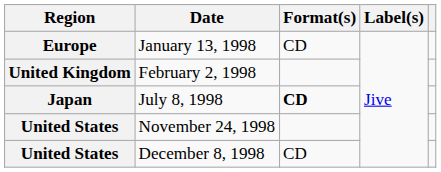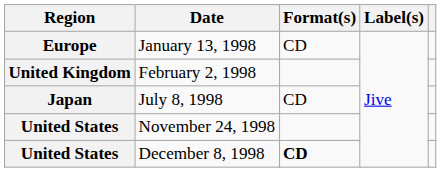 <table class="wikitable plainrowheaders">
 <tr>
 <th scope="col">Region</th>
 <th scope="col">Date</th>
 <th scope="col">Format(s)</th>
 <th scope="col">Label(s)</th>
 <th scope="col"></th>
 </tr>
 <tr>
 <th scope="row">Europe</th>
 <td>January 13, 1998</td>
 <td>CD</td>
 <td rowspan="5"><a href='#'>Jive</a></td>
 <td></td>
 </tr>
 <tr>
 <th scope="row">United Kingdom</th>
 <td>February 2, 1998</td>
 <td></td>
 <td></td>
 </tr>
 <tr>
 <th scope="row">Japan</th>
 <td>July 8, 1998</td>
-<td><strong>CD</strong></td>
+<td>CD</td>
 <td></td>
 </tr>
 <tr>
 <th scope="row">United States</th>
 <td>November 24, 1998</td>
 <td></td>
 <td></td>
 </tr>
 <tr>
 <th scope="row">United States</th>
 <td>December 8, 1998</td>
-<td>CD</td>
+<td><strong>CD</strong></td>
 <td></td>
 </tr>
 </table>
